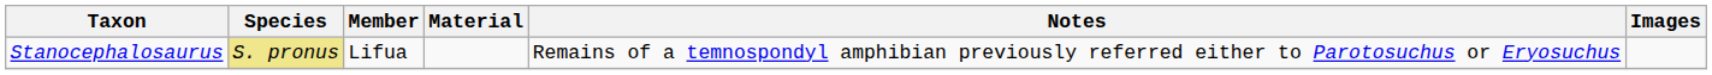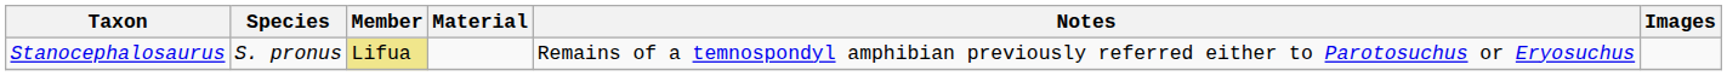 <table class="wikitable sortable">
 <tr>
 <th>Taxon</th>
 <th>Species</th>
 <th>Member</th>
 <th class="unsortable">Material</th>
 <th class="unsortable">Notes</th>
 <th class="unsortable">Images</th>
 </tr>
 <tr>
 <td><em><a href='#'>Stanocephalosaurus</a></em></td>
-<td style="background: khaki;"><em>S. pronus</em></td>
-<td>Lifua</td>
+<td><em>S. pronus</em></td>
+<td style="background: khaki;">Lifua</td>
 <td></td>
 <td>Remains of a <a href='#'>temnospondyl</a> amphibian previously referred either to <em><a href='#'>Parotosuchus</a></em> or <em><a href='#'>Eryosuchus</a></em></td>
 <td></td>
 </tr>
 <tr>
 </tr>
 </table>
